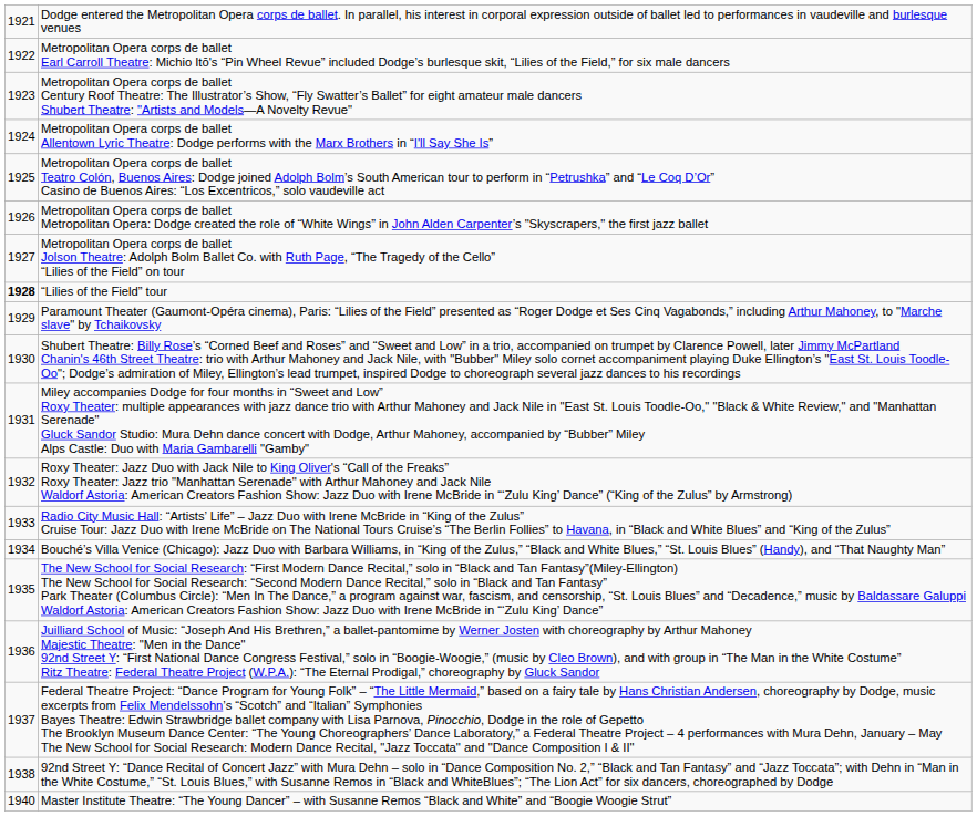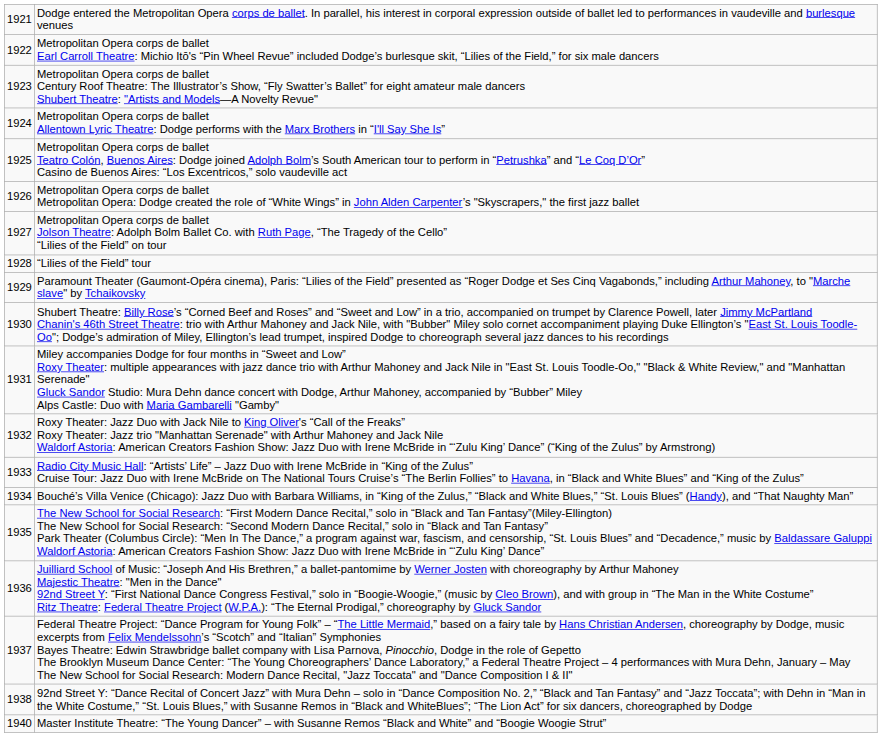 <table class="wikitable">
 <tr>
 <td>1921</td>
 <td>Dodge entered the Metropolitan Opera <a href='#'>corps de ballet</a>. In parallel, his interest in corporal expression outside of ballet led to performances in vaudeville and <a href='#'>burlesque</a> venues</td>
 </tr>
 <tr>
 <td>1922</td>
 <td>Metropolitan Opera corps de ballet<br><a href='#'>Earl Carroll Theatre</a>: Michio Itō's “Pin Wheel Revue” included Dodge’s burlesque skit, “Lilies of the Field,” for six male dancers</td>
 </tr>
 <tr>
 <td>1923</td>
 <td>Metropolitan Opera corps de ballet<br>Century Roof Theatre: The Illustrator’s Show, “Fly Swatter’s Ballet” for eight amateur male dancers<br><a href='#'>Shubert Theatre</a>: <a href='#'>"Artists and Models</a>—A Novelty Revue"</td>
 </tr>
 <tr>
 <td>1924</td>
 <td>Metropolitan Opera corps de ballet<br><a href='#'>Allentown Lyric Theatre</a>: Dodge performs with the <a href='#'>Marx Brothers</a> in “<a href='#'>I'll Say She Is</a>”</td>
 </tr>
 <tr>
 <td>1925</td>
 <td>Metropolitan Opera corps de ballet<br><a href='#'>Teatro Colón</a>, <a href='#'>Buenos Aires</a>: Dodge joined <a href='#'>Adolph Bolm</a>’s South American tour to perform in “<a href='#'>Petrushka</a>” and “<a href='#'>Le Coq D’Or</a>”<br>Casino de Buenos Aires: “Los Excentricos,” solo vaudeville act</td>
 </tr>
 <tr>
 <td>1926</td>
 <td>Metropolitan Opera corps de ballet<br>Metropolitan Opera: Dodge created the role of “White Wings” in <a href='#'>John Alden Carpenter</a>’s "Skyscrapers," the first jazz ballet</td>
 </tr>
 <tr>
 <td>1927</td>
 <td>Metropolitan Opera corps de ballet<br><a href='#'>Jolson Theatre</a>: Adolph Bolm Ballet Co. with <a href='#'>Ruth Page</a>, “The Tragedy of the Cello”<br>“Lilies of the Field” on tour</td>
 </tr>
 <tr>
-<td><strong>1928</strong></td>
+<td>1928</td>
 <td>“Lilies of the Field” tour</td>
 </tr>
 <tr>
 <td>1929</td>
 <td>Paramount Theater (Gaumont-Opéra cinema), Paris: “Lilies of the Field” presented as “Roger Dodge et Ses Cinq Vagabonds,” including <a href='#'>Arthur Mahoney</a>, to "<a href='#'>Marche slave</a>" by <a href='#'>Tchaikovsky</a></td>
 </tr>
 <tr>
 <td>1930</td>
 <td>Shubert Theatre: <a href='#'>Billy Rose</a>’s “Corned Beef and Roses” and “Sweet and Low” in a trio, accompanied on trumpet by Clarence Powell, later <a href='#'>Jimmy McPartland</a><br><a href='#'>Chanin's 46th Street Theatre</a>: trio with Arthur Mahoney and Jack Nile, with "Bubber" Miley solo cornet accompaniment playing Duke Ellington’s "<a href='#'>East St. Louis Toodle-Oo</a>"; Dodge’s admiration of Miley, Ellington’s lead trumpet, inspired Dodge to choreograph several jazz dances to his recordings</td>
 </tr>
 <tr>
 <td>1931</td>
 <td>Miley accompanies Dodge for four months in “Sweet and Low”<br><a href='#'>Roxy Theater</a>: multiple appearances with jazz dance trio with Arthur Mahoney and Jack Nile in "East St. Louis Toodle-Oo," "Black & White Review," and "Manhattan Serenade"<br><a href='#'>Gluck Sandor</a> Studio: Mura Dehn dance concert with Dodge, Arthur Mahoney, accompanied by “Bubber” Miley<br>Alps Castle: Duo with <a href='#'>Maria Gambarelli</a> "Gamby"</td>
 </tr>
 <tr>
 <td>1932</td>
 <td>Roxy Theater: Jazz Duo with Jack Nile to <a href='#'>King Oliver</a>'s “Call of the Freaks”<br>Roxy Theater: Jazz trio "Manhattan Serenade" with Arthur Mahoney and Jack Nile<br><a href='#'>Waldorf Astoria</a>: American Creators Fashion Show: Jazz Duo with Irene McBride in “‘Zulu King’ Dance” (“King of the Zulus” by Armstrong)</td>
 </tr>
 <tr>
 <td>1933</td>
 <td><a href='#'>Radio City Music Hall</a>: “Artists’ Life” – Jazz Duo with Irene McBride in “King of the Zulus”<br>Cruise Tour: Jazz Duo with Irene McBride on The National Tours Cruise’s “The Berlin Follies” to <a href='#'>Havana</a>, in “Black and White Blues” and “King of the Zulus”</td>
 </tr>
 <tr>
 <td>1934</td>
 <td>Bouché’s Villa Venice (Chicago): Jazz Duo with Barbara Williams, in “King of the Zulus,” “Black and White Blues,” “St. Louis Blues” (<a href='#'>Handy</a>), and “That Naughty Man”</td>
 </tr>
 <tr>
 <td>1935</td>
 <td><a href='#'>The New School for Social Research</a>: “First Modern Dance Recital,” solo in “Black and Tan Fantasy”(Miley-Ellington)<br>The New School for Social Research: “Second Modern Dance Recital,” solo in “Black and Tan Fantasy”<br>Park Theater (Columbus Circle): “Men In The Dance,” a program against war, fascism, and censorship, “St. Louis Blues” and “Decadence,” music by <a href='#'>Baldassare Galuppi</a><br><a href='#'>Waldorf Astoria</a>: American Creators Fashion Show: Jazz Duo with Irene McBride in “‘Zulu King’ Dance”</td>
 </tr>
 <tr>
 <td>1936</td>
 <td><a href='#'>Juilliard School</a> of Music: “Joseph And His Brethren,” a ballet-pantomime by <a href='#'>Werner Josten</a> with choreography by Arthur Mahoney<br><a href='#'>Majestic Theatre</a>: "Men in the Dance"<br><a href='#'>92nd Street Y</a>: “First National Dance Congress Festival,” solo in “Boogie-Woogie,” (music by <a href='#'>Cleo Brown</a>), and with group in “The Man in the White Costume”<br><a href='#'>Ritz Theatre</a>: <a href='#'>Federal Theatre Project</a> (<a href='#'>W.P.A.</a>): “The Eternal Prodigal,” choreography by <a href='#'>Gluck Sandor</a></td>
 </tr>
 <tr>
 <td>1937</td>
 <td>Federal Theatre Project: “Dance Program for Young Folk” – “<a href='#'>The Little Mermaid</a>,” based on a fairy tale by <a href='#'>Hans Christian Andersen</a>, choreography by Dodge, music excerpts from <a href='#'>Felix Mendelssohn</a>’s “Scotch” and “Italian” Symphonies<br>Bayes Theatre: Edwin Strawbridge ballet company with Lisa Parnova, <em>Pinocchio</em>, Dodge in the role of Gepetto<br>The Brooklyn Museum Dance Center: “The Young Choreographers’ Dance Laboratory,” a Federal Theatre Project – 4 performances with Mura Dehn, January – May<br>The New School for Social Research: Modern Dance Recital, "Jazz Toccata" and "Dance Composition I & II"</td>
 </tr>
 <tr>
 <td>1938</td>
 <td>92nd Street Y: “Dance Recital of Concert Jazz” with Mura Dehn – solo in “Dance Composition No. 2,” “Black and Tan Fantasy” and “Jazz Toccata”; with Dehn in “Man in the White Costume,” “St. Louis Blues,” with Susanne Remos in “Black and WhiteBlues”; “The Lion Act” for six dancers, choreographed by Dodge</td>
 </tr>
 <tr>
 <td>1940</td>
 <td>Master Institute Theatre: “The Young Dancer” – with Susanne Remos “Black and White” and “Boogie Woogie Strut”</td>
 </tr>
 </table>
